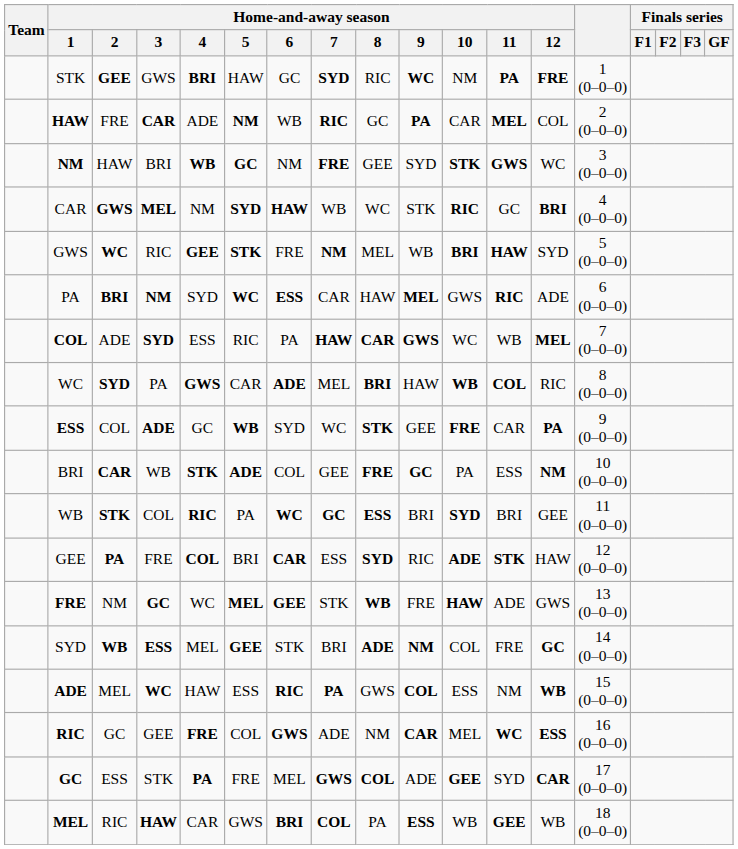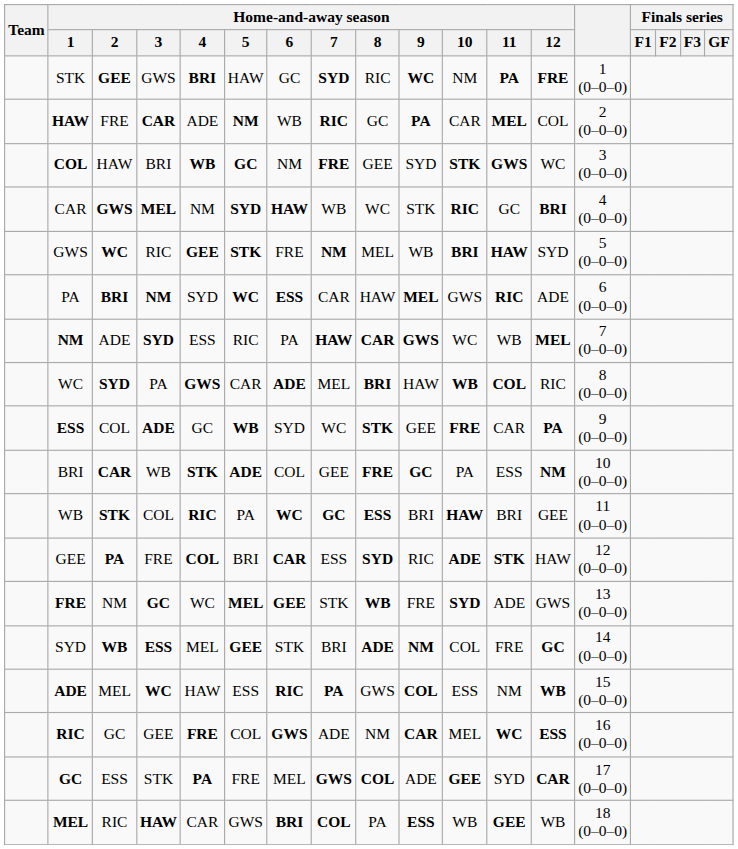 <table class="wikitable sortable" style="font-size:85%; text-align:center">
 <tr>
 <th rowspan=2>Team</th>
 <th colspan=12>Home-and-away season</th>
 <th rowspan=2></th>
 <th colspan=4>Finals series</th>
 </tr>
 <tr>
 <th>1</th>
 <th>2</th>
 <th>3</th>
 <th>4</th>
 <th>5</th>
 <th>6</th>
 <th>7</th>
 <th>8</th>
 <th>9</th>
 <th>10</th>
 <th>11</th>
 <th>12</th>
 <th>F1</th>
 <th>F2</th>
 <th>F3</th>
 <th>GF</th>
 </tr>
 <tr>
 <td align=left></td>
 <td>STK</td>
 <td><strong>GEE</strong></td>
 <td>GWS</td>
 <td><strong>BRI</strong></td>
 <td>HAW</td>
 <td>GC</td>
 <td><strong>SYD</strong></td>
 <td>RIC</td>
 <td><strong>WC</strong></td>
 <td>NM</td>
 <td><strong>PA</strong></td>
 <td><strong>FRE</strong></td>
 <td>1<br>(0–0–0)</td>
 <td colspan=4></td>
 </tr>
 <tr>
 <td align=left></td>
 <td><strong>HAW</strong></td>
 <td>FRE</td>
 <td><strong>CAR</strong></td>
 <td>ADE</td>
 <td><strong>NM</strong></td>
 <td>WB</td>
 <td><strong>RIC</strong></td>
 <td>GC</td>
 <td><strong>PA</strong></td>
 <td>CAR</td>
 <td><strong>MEL</strong></td>
 <td>COL</td>
 <td>2<br>(0–0–0)</td>
 <td colspan=4></td>
 </tr>
 <tr>
 <td align=left></td>
-<td><strong>NM</strong></td>
+<td><strong>COL</strong></td>
 <td>HAW</td>
 <td>BRI</td>
 <td><strong>WB</strong></td>
 <td><strong>GC</strong></td>
 <td>NM</td>
 <td><strong>FRE</strong></td>
 <td>GEE</td>
 <td>SYD</td>
 <td><strong>STK</strong></td>
 <td><strong>GWS</strong></td>
 <td>WC</td>
 <td>3<br>(0–0–0)</td>
 <td colspan=4></td>
 </tr>
 <tr>
 <td align=left></td>
 <td>CAR</td>
 <td><strong>GWS</strong></td>
 <td><strong>MEL</strong></td>
 <td>NM</td>
 <td><strong>SYD</strong></td>
 <td><strong>HAW</strong></td>
 <td>WB</td>
 <td>WC</td>
 <td>STK</td>
 <td><strong>RIC</strong></td>
 <td>GC</td>
 <td><strong>BRI</strong></td>
 <td>4<br>(0–0–0)</td>
 <td colspan=4></td>
 </tr>
 <tr>
 <td align=left></td>
 <td>GWS</td>
 <td><strong>WC</strong></td>
 <td>RIC</td>
 <td><strong>GEE</strong></td>
 <td><strong>STK</strong></td>
 <td>FRE</td>
 <td><strong>NM</strong></td>
 <td>MEL</td>
 <td>WB</td>
 <td><strong>BRI</strong></td>
 <td><strong>HAW</strong></td>
 <td>SYD</td>
 <td>5<br>(0–0–0)</td>
 <td colspan=4></td>
 </tr>
 <tr>
 <td align=left></td>
 <td>PA</td>
 <td><strong>BRI</strong></td>
 <td><strong>NM</strong></td>
 <td>SYD</td>
 <td><strong>WC</strong></td>
 <td><strong>ESS</strong></td>
 <td>CAR</td>
 <td>HAW</td>
 <td><strong>MEL</strong></td>
 <td>GWS</td>
 <td><strong>RIC</strong></td>
 <td>ADE</td>
 <td>6<br>(0–0–0)</td>
 <td colspan=4></td>
 </tr>
 <tr>
 <td align=left></td>
-<td><strong>COL</strong></td>
+<td><strong>NM</strong></td>
 <td>ADE</td>
 <td><strong>SYD</strong></td>
 <td>ESS</td>
 <td>RIC</td>
 <td>PA</td>
 <td><strong>HAW</strong></td>
 <td><strong>CAR</strong></td>
 <td><strong>GWS</strong></td>
 <td>WC</td>
 <td>WB</td>
 <td><strong>MEL</strong></td>
 <td>7<br>(0–0–0)</td>
 <td colspan=4></td>
 </tr>
 <tr>
 <td align=left></td>
 <td>WC</td>
 <td><strong>SYD</strong></td>
 <td>PA</td>
 <td><strong>GWS</strong></td>
 <td>CAR</td>
 <td><strong>ADE</strong></td>
 <td>MEL</td>
 <td><strong>BRI</strong></td>
 <td>HAW</td>
 <td><strong>WB</strong></td>
 <td><strong>COL</strong></td>
 <td>RIC</td>
 <td>8<br>(0–0–0)</td>
 <td colspan=4></td>
 </tr>
 <tr>
 <td align=left></td>
 <td><strong>ESS</strong></td>
 <td>COL</td>
 <td><strong>ADE</strong></td>
 <td>GC</td>
 <td><strong>WB</strong></td>
 <td>SYD</td>
 <td>WC</td>
 <td><strong>STK</strong></td>
 <td>GEE</td>
 <td><strong>FRE</strong></td>
 <td>CAR</td>
 <td><strong>PA</strong></td>
 <td>9<br>(0–0–0)</td>
 <td colspan=4></td>
 </tr>
 <tr>
 <td align=left></td>
 <td>BRI</td>
 <td><strong>CAR</strong></td>
 <td>WB</td>
 <td><strong>STK</strong></td>
 <td><strong>ADE</strong></td>
 <td>COL</td>
 <td>GEE</td>
 <td><strong>FRE</strong></td>
 <td><strong>GC</strong></td>
 <td>PA</td>
 <td>ESS</td>
 <td><strong>NM</strong></td>
 <td>10<br>(0–0–0)</td>
 <td colspan=4></td>
 </tr>
 <tr>
 <td align=left></td>
 <td>WB</td>
 <td><strong>STK</strong></td>
 <td>COL</td>
 <td><strong>RIC</strong></td>
 <td>PA</td>
 <td><strong>WC</strong></td>
 <td><strong>GC</strong></td>
 <td><strong>ESS</strong></td>
 <td>BRI</td>
-<td><strong>SYD</strong></td>
+<td><strong>HAW</strong></td>
 <td>BRI</td>
 <td>GEE</td>
 <td>11<br>(0–0–0)</td>
 <td colspan=4></td>
 </tr>
 <tr>
 <td align=left></td>
 <td>GEE</td>
 <td><strong>PA</strong></td>
 <td>FRE</td>
 <td><strong>COL</strong></td>
 <td>BRI</td>
 <td><strong>CAR</strong></td>
 <td>ESS</td>
 <td><strong>SYD</strong></td>
 <td>RIC</td>
 <td><strong>ADE</strong></td>
 <td><strong>STK</strong></td>
 <td>HAW</td>
 <td>12<br>(0–0–0)</td>
 <td colspan=4></td>
 </tr>
 <tr>
 <td align=left></td>
 <td><strong>FRE</strong></td>
 <td>NM</td>
 <td><strong>GC</strong></td>
 <td>WC</td>
 <td><strong>MEL</strong></td>
 <td><strong>GEE</strong></td>
 <td>STK</td>
 <td><strong>WB</strong></td>
 <td>FRE</td>
-<td><strong>HAW</strong></td>
+<td><strong>SYD</strong></td>
 <td>ADE</td>
 <td>GWS</td>
 <td>13<br>(0–0–0)</td>
 <td colspan=4></td>
 </tr>
 <tr>
 <td align=left></td>
 <td>SYD</td>
 <td><strong>WB</strong></td>
 <td><strong>ESS</strong></td>
 <td>MEL</td>
 <td><strong>GEE</strong></td>
 <td>STK</td>
 <td>BRI</td>
 <td><strong>ADE</strong></td>
 <td><strong>NM</strong></td>
 <td>COL</td>
 <td>FRE</td>
 <td><strong>GC</strong></td>
 <td>14<br>(0–0–0)</td>
 <td colspan=4></td>
 </tr>
 <tr>
 <td align=left></td>
 <td><strong>ADE</strong></td>
 <td>MEL</td>
 <td><strong>WC</strong></td>
 <td>HAW</td>
 <td>ESS</td>
 <td><strong>RIC</strong></td>
 <td><strong>PA</strong></td>
 <td>GWS</td>
 <td><strong>COL</strong></td>
 <td>ESS</td>
 <td>NM</td>
 <td><strong>WB</strong></td>
 <td>15<br>(0–0–0)</td>
 <td colspan=4></td>
 </tr>
 <tr>
 <td align=left></td>
 <td><strong>RIC</strong></td>
 <td>GC</td>
 <td>GEE</td>
 <td><strong>FRE</strong></td>
 <td>COL</td>
 <td><strong>GWS</strong></td>
 <td>ADE</td>
 <td>NM</td>
 <td><strong>CAR</strong></td>
 <td>MEL</td>
 <td><strong>WC</strong></td>
 <td><strong>ESS</strong></td>
 <td>16<br>(0–0–0)</td>
 <td colspan=4></td>
 </tr>
 <tr>
 <td align=left></td>
 <td><strong>GC</strong></td>
 <td>ESS</td>
 <td>STK</td>
 <td><strong>PA</strong></td>
 <td>FRE</td>
 <td>MEL</td>
 <td><strong>GWS</strong></td>
 <td><strong>COL</strong></td>
 <td>ADE</td>
 <td><strong>GEE</strong></td>
 <td>SYD</td>
 <td><strong>CAR</strong></td>
 <td>17<br>(0–0–0)</td>
 <td colspan=4></td>
 </tr>
 <tr>
 <td align=left></td>
 <td><strong>MEL</strong></td>
 <td>RIC</td>
 <td><strong>HAW</strong></td>
 <td>CAR</td>
 <td>GWS</td>
 <td><strong>BRI</strong></td>
 <td><strong>COL</strong></td>
 <td>PA</td>
 <td><strong>ESS</strong></td>
 <td>WB</td>
 <td><strong>GEE</strong></td>
 <td>WB</td>
 <td>18<br>(0–0–0)</td>
 <td colspan=4></td>
 </tr>
 </table>
